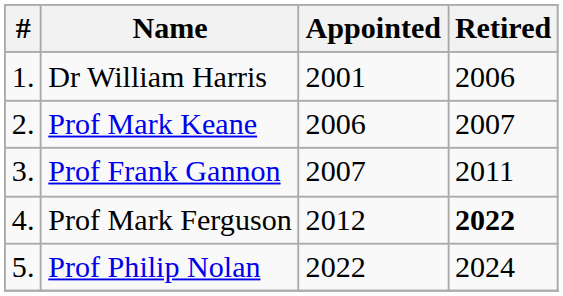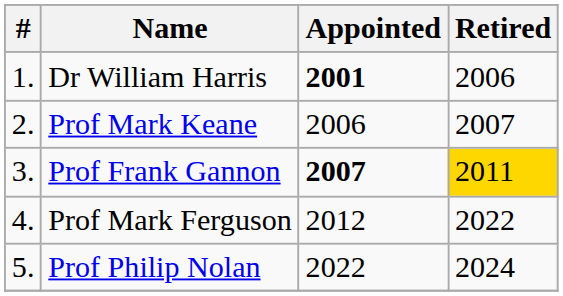 <table class="wikitable">
 <tr>
 <th>#</th>
 <th>Name</th>
 <th>Appointed</th>
 <th>Retired</th>
 </tr>
 <tr>
 <td>1.</td>
 <td>Dr William Harris</td>
-<td>2001</td>
+<td><strong>2001</strong></td>
 <td>2006</td>
 </tr>
 <tr>
 <td>2.</td>
 <td><a href='#'>Prof Mark Keane</a></td>
 <td>2006</td>
 <td>2007</td>
 </tr>
 <tr>
 <td>3.</td>
 <td><a href='#'>Prof Frank Gannon</a></td>
-<td>2007</td>
-<td>2011</td>
+<td><strong>2007</strong></td>
+<td style="background: gold;">2011</td>
 </tr>
 <tr>
 <td>4.</td>
 <td>Prof Mark Ferguson</td>
 <td>2012</td>
-<td><strong>2022</strong></td>
+<td>2022</td>
 </tr>
 <tr>
 <td>5.</td>
 <td><a href='#'>Prof Philip Nolan</a></td>
 <td>2022</td>
 <td>2024</td>
 </tr>
 <tr>
 </tr>
 </table>
